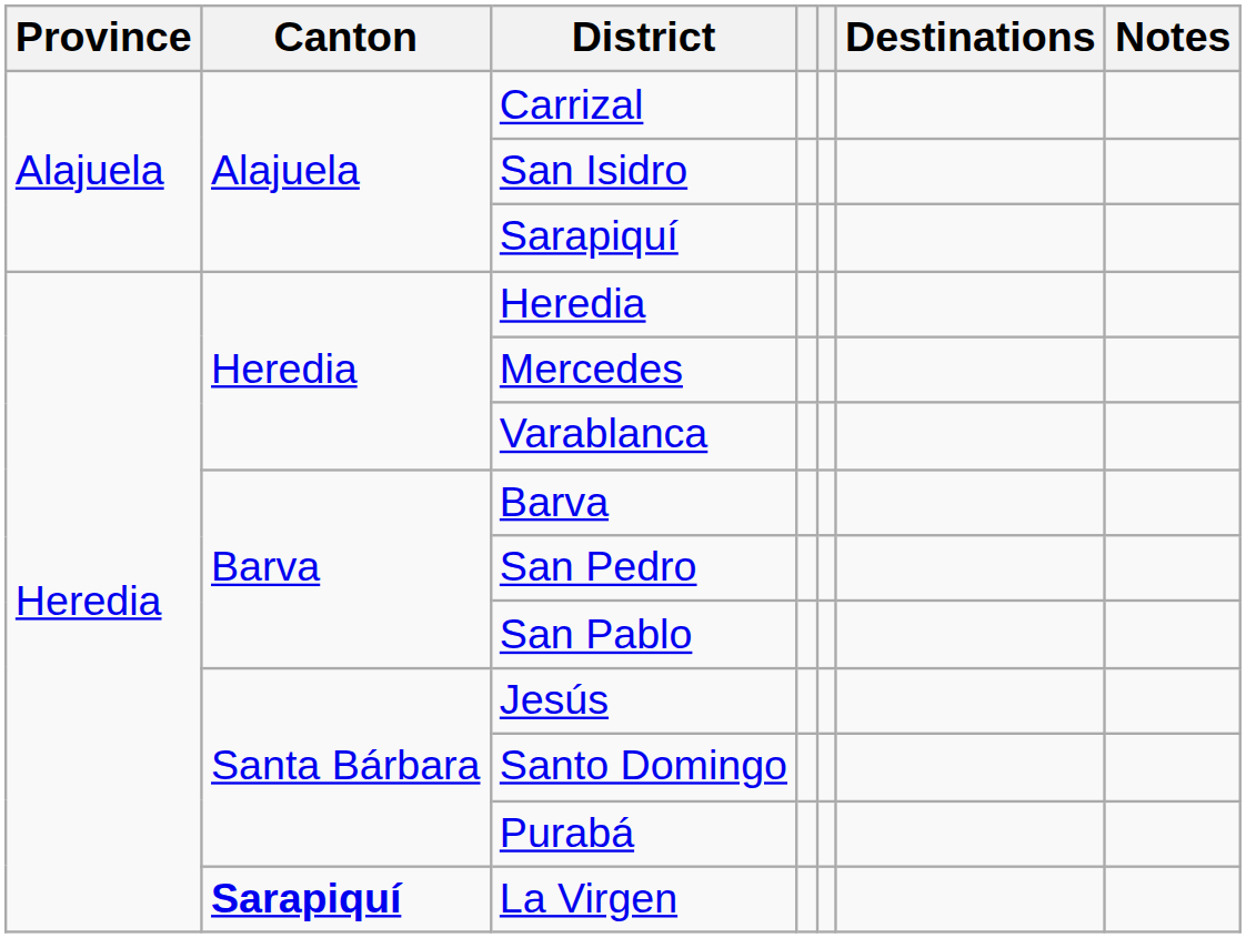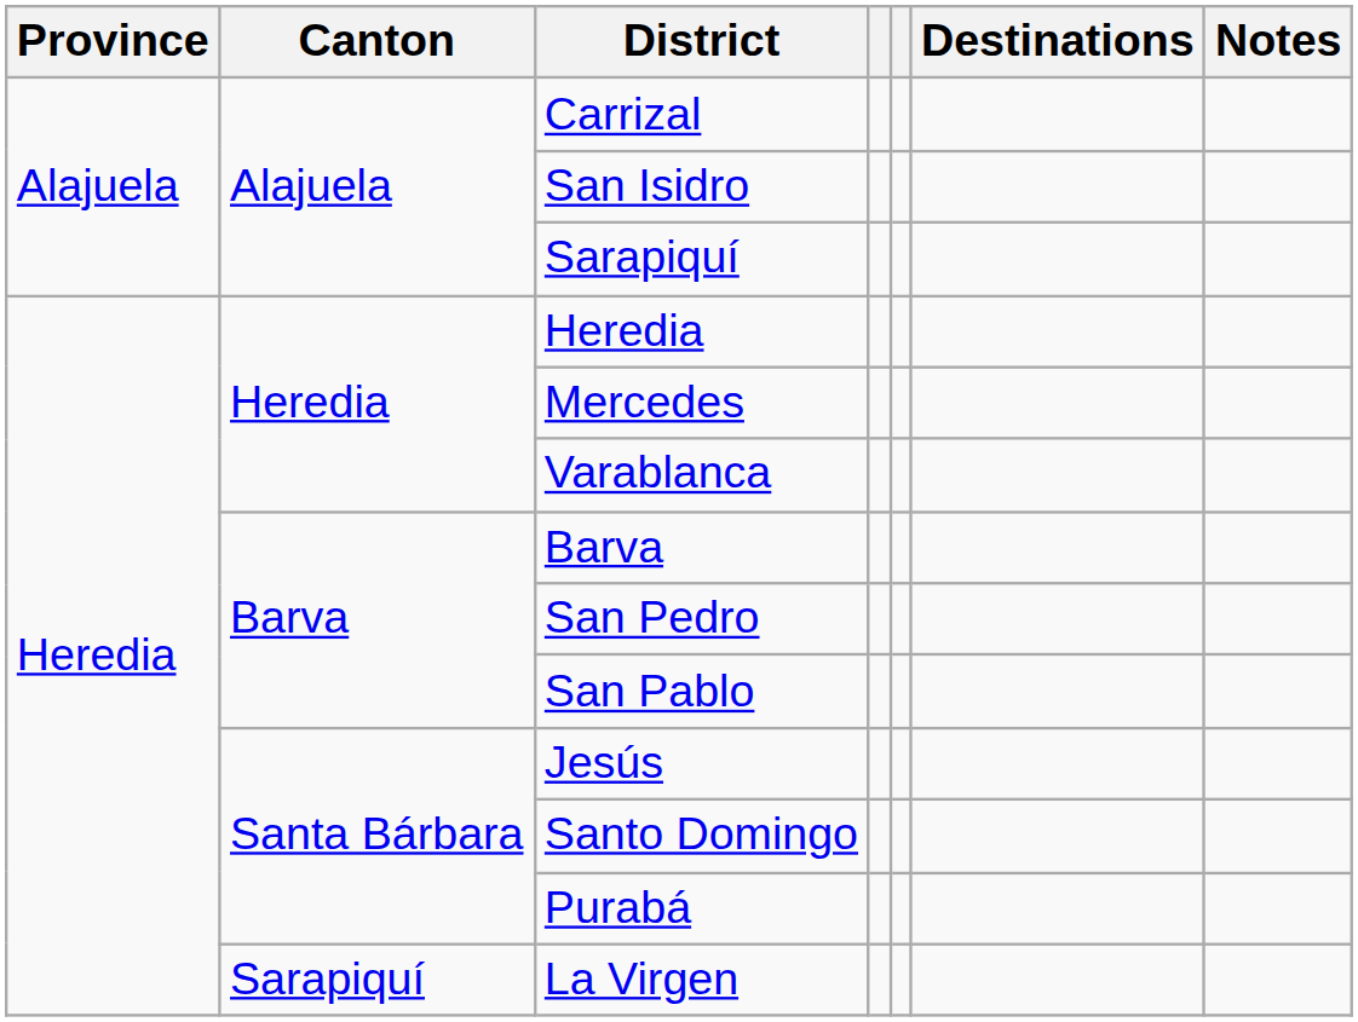 <table class="wikitable">
 <tr>
 <th scope="col">Province</th>
 <th scope="col">Canton</th>
 <th scope="col">District</th>
 <th scope="col"></th>
 <th scope="col"></th>
 <th scope="col">Destinations</th>
 <th scope="col">Notes</th>
 </tr>
 <tr>
 <td rowspan="3"><a href='#'>Alajuela</a></td>
 <td rowspan="3"><a href='#'>Alajuela</a></td>
 <td><a href='#'>Carrizal</a></td>
 <td></td>
 <td></td>
 <td></td>
 <td></td>
 </tr>
 <tr>
 <td><a href='#'>San Isidro</a></td>
 <td></td>
 <td></td>
 <td></td>
 <td></td>
 </tr>
 <tr>
 <td><a href='#'>Sarapiquí</a></td>
 <td></td>
 <td></td>
 <td></td>
 <td></td>
 </tr>
 <tr>
 <td rowspan="10"><a href='#'>Heredia</a></td>
 <td rowspan="3"><a href='#'>Heredia</a></td>
 <td><a href='#'>Heredia</a></td>
 <td></td>
 <td></td>
 <td></td>
 <td></td>
 </tr>
 <tr>
 <td><a href='#'>Mercedes</a></td>
 <td></td>
 <td></td>
 <td></td>
 <td></td>
 </tr>
 <tr>
 <td><a href='#'>Varablanca</a></td>
 <td></td>
 <td></td>
 <td></td>
 <td></td>
 </tr>
 <tr>
 <td rowspan="3"><a href='#'>Barva</a></td>
 <td><a href='#'>Barva</a></td>
 <td></td>
 <td></td>
 <td><br></td>
 <td></td>
 </tr>
 <tr>
 <td><a href='#'>San Pedro</a></td>
 <td></td>
 <td></td>
 <td></td>
 <td></td>
 </tr>
 <tr>
 <td><a href='#'>San Pablo</a></td>
 <td></td>
 <td></td>
 <td></td>
 <td></td>
 </tr>
 <tr>
 <td rowspan="3"><a href='#'>Santa Bárbara</a></td>
 <td><a href='#'>Jesús</a></td>
 <td></td>
 <td></td>
 <td></td>
 <td></td>
 </tr>
 <tr>
 <td><a href='#'>Santo Domingo</a></td>
 <td></td>
 <td></td>
 <td></td>
 <td></td>
 </tr>
 <tr>
 <td><a href='#'>Purabá</a></td>
 <td></td>
 <td></td>
 <td></td>
 <td></td>
 </tr>
 <tr>
-<td><strong><a href='#'>Sarapiquí</a></strong></td>
+<td><a href='#'>Sarapiquí</a></td>
 <td><a href='#'>La Virgen</a></td>
 <td></td>
 <td></td>
 <td></td>
 <td></td>
 </tr>
 </table>
